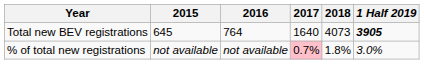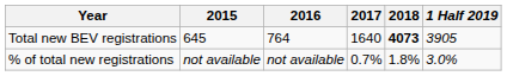 <table class="wikitable">
 <tr>
 <th>Year</th>
 <th>2015</th>
 <th>2016</th>
 <th>2017</th>
 <th>2018</th>
 <th><em>1 Half 2019</em></th>
 </tr>
 <tr>
 <td>Total new BEV registrations</td>
 <td>645</td>
 <td>764</td>
 <td>1640</td>
-<td>4073</td>
-<td><strong><em>3905</em></strong></td>
+<td><strong>4073</strong></td>
+<td><em>3905</em></td>
 </tr>
 <tr>
 <td>% of total new registrations</td>
 <td><em>not available</em></td>
 <td><em>not available</em></td>
-<td style="background: pink;">0.7%</td>
+<td>0.7%</td>
 <td>1.8%</td>
 <td><em>3.0%</em></td>
 </tr>
 </table>
